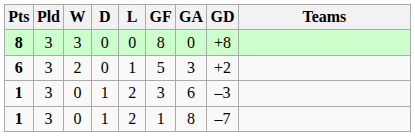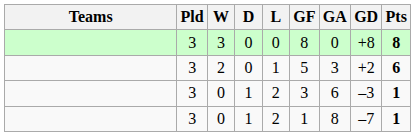 <table class="wikitable" style="text-align: center;">
 <tr>
-<th width=20>Pts</th>
+<th width=165>Teams</th>
 <th width=20>Pld</th>
 <th width=20>W</th>
 <th width=20>D</th>
 <th width=20>L</th>
 <th width=20>GF</th>
 <th width=20>GA</th>
 <th width=20>GD</th>
-<th width=165>Teams</th>
+<th width=20>Pts</th>
 </tr>
 <tr align=center style="background:#ccffcc;">
-<td><strong>8</strong></td>
+<td style="text-align:left;"></td>
 <td>3</td>
 <td>3</td>
 <td>0</td>
 <td>0</td>
 <td>8</td>
 <td>0</td>
 <td>+8</td>
-<td style="text-align:left;"></td>
+<td><strong>8</strong></td>
 </tr>
 <tr align=center>
-<td><strong>6</strong></td>
+<td style="text-align:left;"></td>
 <td>3</td>
 <td>2</td>
 <td>0</td>
 <td>1</td>
 <td>5</td>
 <td>3</td>
 <td>+2</td>
-<td style="text-align:left;"></td>
+<td><strong>6</strong></td>
 </tr>
 <tr align=center>
-<td><strong>1</strong></td>
+<td style="text-align:left;"></td>
 <td>3</td>
 <td>0</td>
 <td>1</td>
 <td>2</td>
 <td>3</td>
 <td>6</td>
 <td>–3</td>
-<td style="text-align:left;"></td>
+<td><strong>1</strong></td>
 </tr>
 <tr align=center>
-<td><strong>1</strong></td>
+<td style="text-align:left;"></td>
 <td>3</td>
 <td>0</td>
 <td>1</td>
 <td>2</td>
 <td>1</td>
 <td>8</td>
 <td>–7</td>
-<td style="text-align:left;"></td>
+<td><strong>1</strong></td>
 </tr>
 </table>
